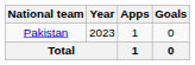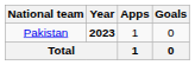 <table class="wikitable" style="text-align:center">
 <tr>
 <th>National team</th>
 <th>Year</th>
 <th>Apps</th>
 <th>Goals</th>
 </tr>
 <tr>
 <td><a href='#'>Pakistan</a></td>
-<td>2023</td>
+<td><strong>2023</strong></td>
 <td>1</td>
 <td>0</td>
 </tr>
 <tr>
 <th colspan="2">Total</th>
 <th>1</th>
 <th>0</th>
 </tr>
 </table>
